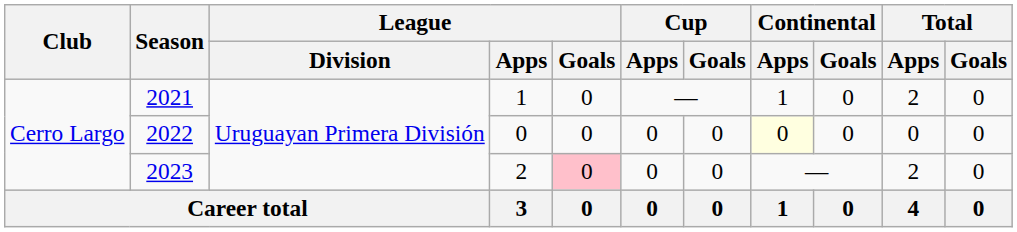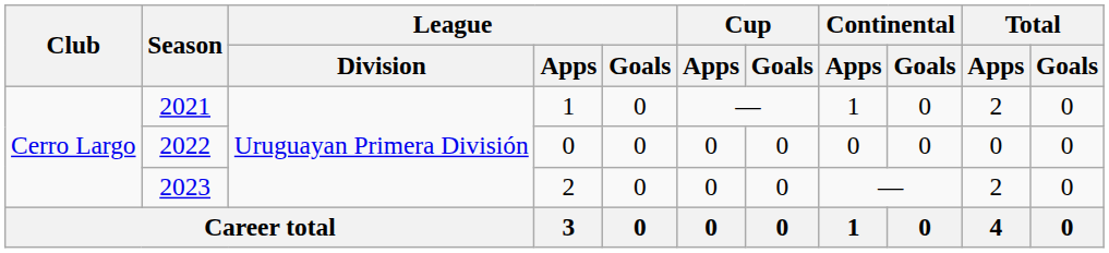 <table class="wikitable" Style="text-align: center">
 <tr>
 <th rowspan="2">Club</th>
 <th rowspan="2">Season</th>
 <th colspan="3">League</th>
 <th colspan="2">Cup</th>
 <th colspan="2">Continental</th>
 <th colspan="2">Total</th>
 </tr>
 <tr>
 <th>Division</th>
 <th>Apps</th>
 <th>Goals</th>
 <th>Apps</th>
 <th>Goals</th>
 <th>Apps</th>
 <th>Goals</th>
 <th>Apps</th>
 <th>Goals</th>
 </tr>
 <tr>
 <td rowspan="3"><a href='#'>Cerro Largo</a></td>
 <td><a href='#'>2021</a></td>
 <td rowspan="3"><a href='#'>Uruguayan Primera División</a></td>
 <td>1</td>
 <td>0</td>
 <td colspan="2">—</td>
 <td>1</td>
 <td>0</td>
 <td>2</td>
 <td>0</td>
 </tr>
 <tr>
 <td><a href='#'>2022</a></td>
 <td>0</td>
 <td>0</td>
 <td>0</td>
 <td>0</td>
-<td style="background: lightyellow;">0</td>
+<td>0</td>
 <td>0</td>
 <td>0</td>
 <td>0</td>
 </tr>
 <tr>
 <td><a href='#'>2023</a></td>
 <td>2</td>
-<td style="background: pink;">0</td>
+<td>0</td>
 <td>0</td>
 <td>0</td>
 <td colspan="2">—</td>
 <td>2</td>
 <td>0</td>
 </tr>
 <tr>
 <th colspan="3">Career total</th>
 <th>3</th>
 <th>0</th>
 <th>0</th>
 <th>0</th>
 <th>1</th>
 <th>0</th>
 <th>4</th>
 <th>0</th>
 </tr>
 </table>
